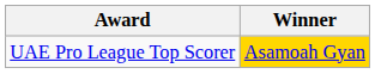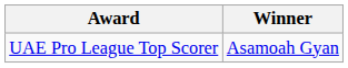 <table class="wikitable">
 <tr>
 <th>Award</th>
 <th>Winner</th>
 </tr>
 <tr>
 <td><a href='#'>UAE Pro League Top Scorer</a></td>
-<td style="background: gold;"> <a href='#'>Asamoah Gyan</a></td>
+<td> <a href='#'>Asamoah Gyan</a></td>
 </tr>
 </table>
